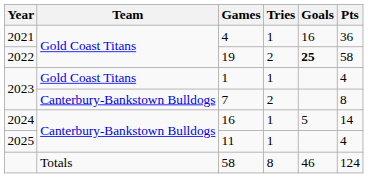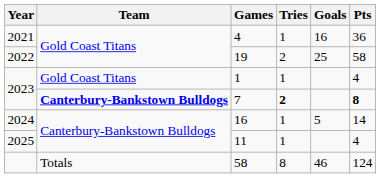 <table class="wikitable">
 <tr>
 <th>Year</th>
 <th>Team</th>
 <th>Games</th>
 <th>Tries</th>
 <th>Goals</th>
 <th>Pts</th>
 </tr>
 <tr>
 <td>2021</td>
 <td rowspan="2"> <a href='#'>Gold Coast Titans</a></td>
 <td>4</td>
 <td>1</td>
 <td>16</td>
 <td>36</td>
 </tr>
 <tr>
 <td>2022</td>
 <td>19</td>
 <td>2</td>
-<td><strong>25</strong></td>
+<td>25</td>
 <td>58</td>
 </tr>
 <tr>
 <td rowspan="2">2023</td>
 <td> <a href='#'>Gold Coast Titans</a></td>
 <td>1</td>
 <td>1</td>
 <td></td>
 <td>4</td>
 </tr>
 <tr>
-<td> <a href='#'>Canterbury-Bankstown Bulldogs</a></td>
+<td><strong> <a href='#'>Canterbury-Bankstown Bulldogs</a></strong></td>
 <td>7</td>
-<td>2</td>
+<td><strong>2</strong></td>
 <td></td>
-<td>8</td>
+<td><strong>8</strong></td>
 </tr>
 <tr>
 <td>2024</td>
 <td rowspan="2"> <a href='#'>Canterbury-Bankstown Bulldogs</a></td>
 <td>16</td>
 <td>1</td>
 <td>5</td>
 <td>14</td>
 </tr>
 <tr>
 <td>2025</td>
 <td>11</td>
 <td>1</td>
 <td></td>
 <td>4</td>
 </tr>
 <tr>
 <td></td>
 <td>Totals</td>
 <td>58</td>
 <td>8</td>
 <td>46</td>
 <td>124</td>
 </tr>
 </table>
